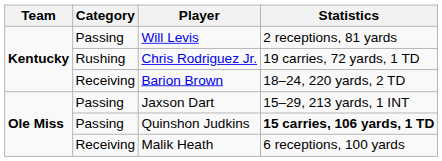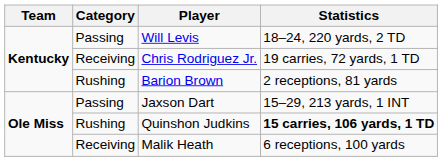 <table class="wikitable" style="float: right;">
 <tr>
 <th>Team</th>
 <th>Category</th>
 <th>Player</th>
 <th>Statistics</th>
 </tr>
 <tr>
 <td rowspan=3><strong>Kentucky</strong></td>
 <td>Passing</td>
 <td><a href='#'>Will Levis</a></td>
-<td>2 receptions, 81 yards</td>
+<td>18–24, 220 yards, 2 TD</td>
 </tr>
 <tr>
-<td>Rushing</td>
+<td>Receiving</td>
 <td><a href='#'>Chris Rodriguez Jr.</a></td>
 <td>19 carries, 72 yards, 1 TD</td>
 </tr>
 <tr>
-<td>Receiving</td>
+<td>Rushing</td>
 <td><a href='#'>Barion Brown</a></td>
-<td>18–24, 220 yards, 2 TD</td>
+<td>2 receptions, 81 yards</td>
 </tr>
 <tr>
 <td rowspan=3><strong>Ole Miss</strong></td>
 <td>Passing</td>
 <td>Jaxson Dart</td>
 <td>15–29, 213 yards, 1 INT</td>
 </tr>
 <tr>
-<td>Passing</td>
+<td>Rushing</td>
 <td>Quinshon Judkins</td>
 <td><strong>15 carries, 106 yards, 1 TD</strong></td>
 </tr>
 <tr>
 <td>Receiving</td>
 <td>Malik Heath</td>
 <td>6 receptions, 100 yards</td>
 </tr>
 </table>
